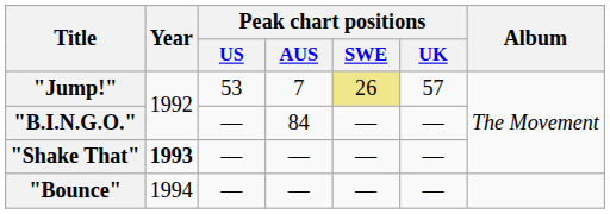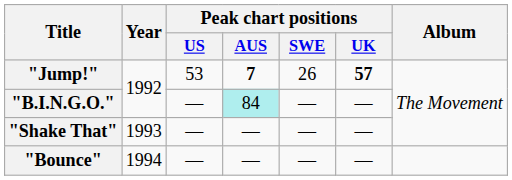 <table class="wikitable plainrowheaders" style="text-align:center;">
 <tr>
 <th scope="col" rowspan="2">Title</th>
 <th scope="col" rowspan="2">Year</th>
 <th scope="col" colspan="4">Peak chart positions</th>
 <th scope="col" rowspan="2">Album</th>
 </tr>
 <tr>
 <th scope="col" style="width:3em;font-size:90%;"><a href='#'>US</a></th>
 <th scope="col" style="width:3em;font-size:90%;"><a href='#'>AUS</a><br></th>
 <th scope="col" style="width:3em;font-size:90%;"><a href='#'>SWE</a><br></th>
 <th scope="col" style="width:3em;font-size:90%;"><a href='#'>UK</a><br></th>
 </tr>
 <tr>
 <th scope="row">"Jump!"</th>
 <td rowspan="2">1992</td>
 <td>53</td>
-<td>7</td>
-<td style="background: khaki;">26</td>
-<td>57</td>
+<td><strong>7</strong></td>
+<td>26</td>
+<td><strong>57</strong></td>
 <td rowspan="3"><em>The Movement</em></td>
 </tr>
 <tr>
 <th scope="row">"B.I.N.G.O."</th>
 <td>—</td>
-<td>84</td>
+<td style="background: paleturquoise;">84</td>
 <td>—</td>
 <td>—</td>
 </tr>
 <tr>
 <th scope="row">"Shake That"</th>
-<td><strong>1993</strong></td>
+<td>1993</td>
 <td>—</td>
 <td>—</td>
 <td>—</td>
 <td>—</td>
 </tr>
 <tr>
 <th scope="row">"Bounce"</th>
 <td>1994</td>
 <td>—</td>
 <td>—</td>
 <td>—</td>
 <td>—</td>
 <td></td>
 </tr>
 </table>
